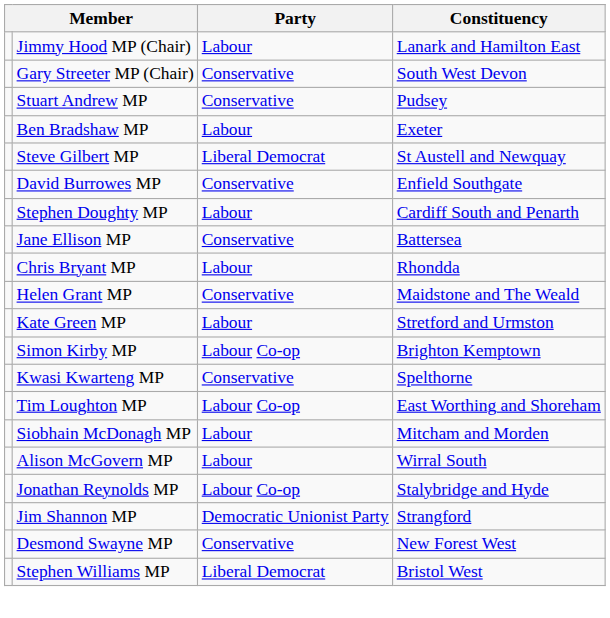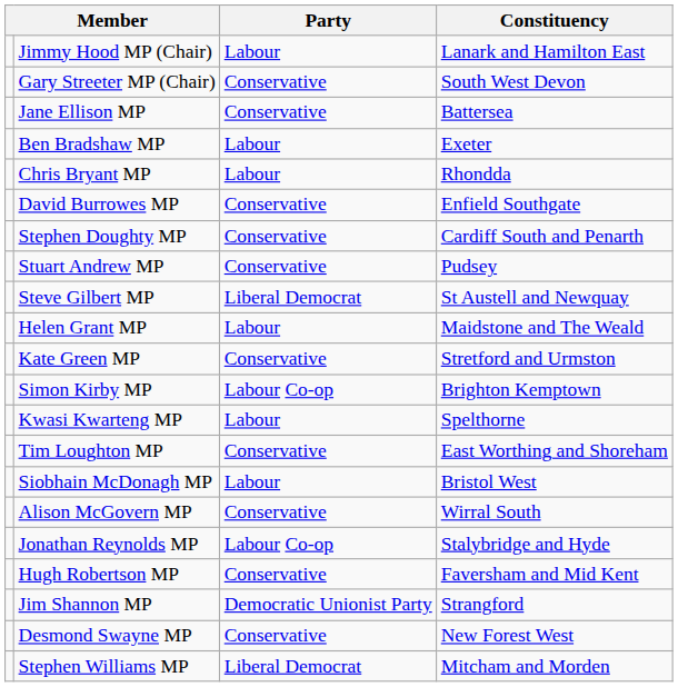 <table class="wikitable">
 <tr>
 <th colspan="2" style="vertical-align:top;">Member</th>
 <th valign="top">Party</th>
 <th valign="top">Constituency</th>
 </tr>
 <tr>
 <td style="color:inherit;background:"></td>
 <td><a href='#'>Jimmy Hood</a> MP (Chair)</td>
 <td><a href='#'>Labour</a></td>
 <td><a href='#'>Lanark and Hamilton East</a></td>
 </tr>
 <tr>
 <td style="color:inherit;background:"></td>
 <td><a href='#'>Gary Streeter</a> MP (Chair)</td>
 <td><a href='#'>Conservative</a></td>
 <td><a href='#'>South West Devon</a></td>
 </tr>
 <tr>
 <td style="color:inherit;background:"></td>
-<td><a href='#'>Stuart Andrew</a> MP</td>
+<td><a href='#'>Jane Ellison</a> MP</td>
 <td><a href='#'>Conservative</a></td>
-<td><a href='#'>Pudsey</a></td>
+<td><a href='#'>Battersea</a></td>
 </tr>
 <tr>
 <td style="color:inherit;background:"></td>
 <td><a href='#'>Ben Bradshaw</a> MP</td>
 <td><a href='#'>Labour</a></td>
 <td><a href='#'>Exeter</a></td>
 </tr>
 <tr>
 <td style="color:inherit;background:"></td>
-<td><a href='#'>Steve Gilbert</a> MP</td>
-<td><a href='#'>Liberal Democrat</a></td>
-<td><a href='#'>St Austell and Newquay</a></td>
+<td><a href='#'>Chris Bryant</a> MP</td>
+<td><a href='#'>Labour</a></td>
+<td><a href='#'>Rhondda</a></td>
 </tr>
 <tr>
 <td style="color:inherit;background:"></td>
 <td><a href='#'>David Burrowes</a> MP</td>
 <td><a href='#'>Conservative</a></td>
 <td><a href='#'>Enfield Southgate</a></td>
 </tr>
 <tr>
 <td style="color:inherit;background:"></td>
 <td><a href='#'>Stephen Doughty</a> MP</td>
-<td><a href='#'>Labour</a></td>
+<td><a href='#'>Conservative</a></td>
 <td><a href='#'>Cardiff South and Penarth</a></td>
 </tr>
 <tr>
 <td style="color:inherit;background:"></td>
-<td><a href='#'>Jane Ellison</a> MP</td>
+<td><a href='#'>Stuart Andrew</a> MP</td>
 <td><a href='#'>Conservative</a></td>
-<td><a href='#'>Battersea</a></td>
+<td><a href='#'>Pudsey</a></td>
 </tr>
 <tr>
 <td style="color:inherit;background:"></td>
-<td><a href='#'>Chris Bryant</a> MP</td>
-<td><a href='#'>Labour</a></td>
-<td><a href='#'>Rhondda</a></td>
+<td><a href='#'>Steve Gilbert</a> MP</td>
+<td><a href='#'>Liberal Democrat</a></td>
+<td><a href='#'>St Austell and Newquay</a></td>
 </tr>
 <tr>
 <td style="color:inherit;background:"></td>
 <td><a href='#'>Helen Grant</a> MP</td>
-<td><a href='#'>Conservative</a></td>
+<td><a href='#'>Labour</a></td>
 <td><a href='#'>Maidstone and The Weald</a></td>
 </tr>
 <tr>
 <td style="color:inherit;background:"></td>
 <td><a href='#'>Kate Green</a> MP</td>
-<td><a href='#'>Labour</a></td>
+<td><a href='#'>Conservative</a></td>
 <td><a href='#'>Stretford and Urmston</a></td>
 </tr>
 <tr>
 <td style="color:inherit;background:"></td>
 <td><a href='#'>Simon Kirby</a> MP</td>
 <td><a href='#'>Labour</a> <a href='#'>Co-op</a></td>
 <td><a href='#'>Brighton Kemptown</a></td>
 </tr>
 <tr>
 <td style="color:inherit;background:"></td>
 <td><a href='#'>Kwasi Kwarteng</a> MP</td>
-<td><a href='#'>Conservative</a></td>
+<td><a href='#'>Labour</a></td>
 <td><a href='#'>Spelthorne</a></td>
 </tr>
 <tr>
 <td style="color:inherit;background:"></td>
 <td><a href='#'>Tim Loughton</a> MP</td>
-<td><a href='#'>Labour</a> <a href='#'>Co-op</a></td>
+<td><a href='#'>Conservative</a></td>
 <td><a href='#'>East Worthing and Shoreham</a></td>
 </tr>
 <tr>
 <td style="color:inherit;background:"></td>
 <td><a href='#'>Siobhain McDonagh</a> MP</td>
 <td><a href='#'>Labour</a></td>
-<td><a href='#'>Mitcham and Morden</a></td>
+<td><a href='#'>Bristol West</a></td>
 </tr>
 <tr>
 <td style="color:inherit;background:"></td>
 <td><a href='#'>Alison McGovern</a> MP</td>
-<td><a href='#'>Labour</a></td>
+<td><a href='#'>Conservative</a></td>
 <td><a href='#'>Wirral South</a></td>
 </tr>
 <tr>
 <td style="color:inherit;background:"></td>
 <td><a href='#'>Jonathan Reynolds</a> MP</td>
 <td><a href='#'>Labour</a> <a href='#'>Co-op</a></td>
 <td><a href='#'>Stalybridge and Hyde</a></td>
+</tr>
+<tr>
+<td style="color:inherit;background:"></td>
+<td><a href='#'>Hugh Robertson</a> MP</td>
+<td><a href='#'>Conservative</a></td>
+<td><a href='#'>Faversham and Mid Kent</a></td>
 </tr>
 <tr>
 <td style="color:inherit;background:"></td>
 <td><a href='#'>Jim Shannon</a> MP</td>
 <td><a href='#'>Democratic Unionist Party</a></td>
 <td><a href='#'>Strangford</a></td>
 </tr>
 <tr>
 <td style="color:inherit;background:"></td>
 <td><a href='#'>Desmond Swayne</a> MP</td>
 <td><a href='#'>Conservative</a></td>
 <td><a href='#'>New Forest West</a></td>
 </tr>
 <tr>
 <td style="color:inherit;background:"></td>
 <td><a href='#'>Stephen Williams</a> MP</td>
 <td><a href='#'>Liberal Democrat</a></td>
-<td><a href='#'>Bristol West</a></td>
+<td><a href='#'>Mitcham and Morden</a></td>
 </tr>
 </table>
